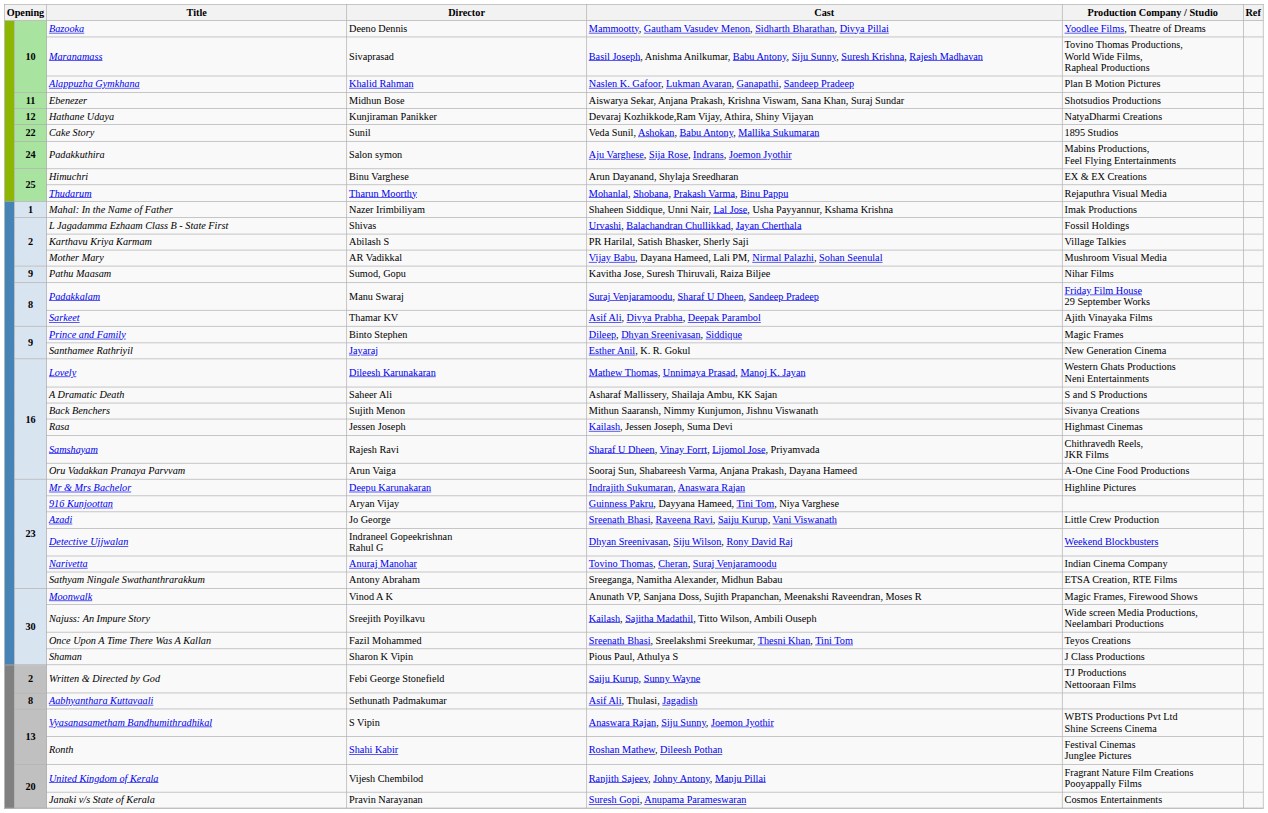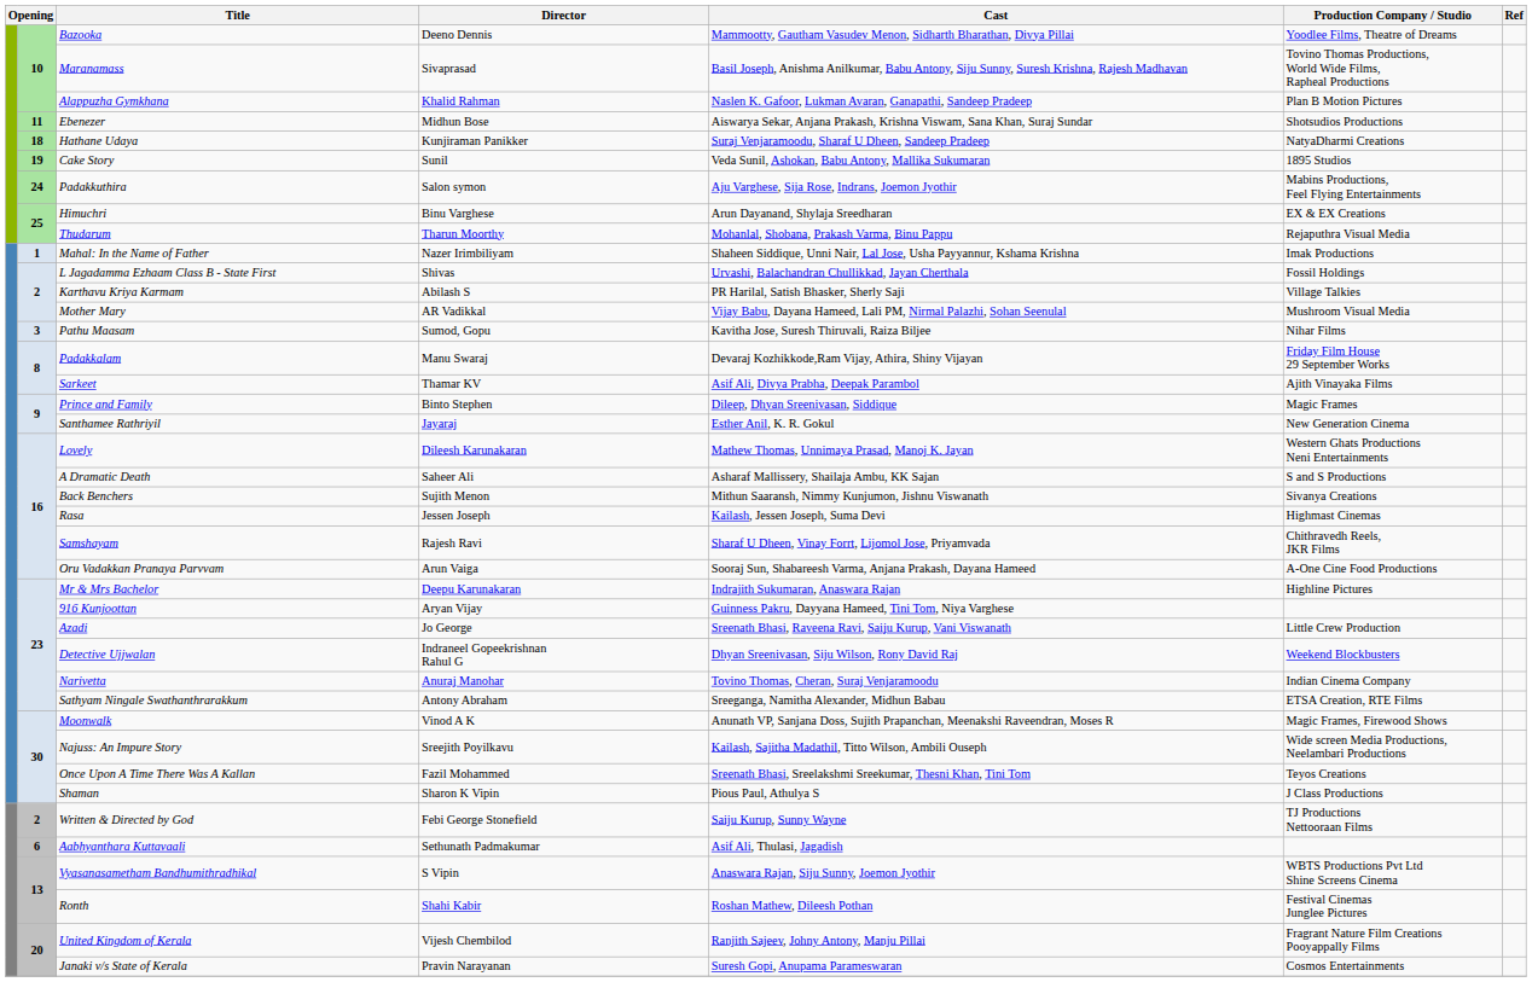 <table class="wikitable sortable">
 <tr>
 <th colspan="2" class="unsortable">Opening</th>
 <th style="width:25%;">Title</th>
 <th style="width:20%;">Director</th>
 <th style="width:40%;">Cast</th>
 <th style="width:25%;">Production Company / Studio</th>
 <th style="width:15%;">Ref</th>
 </tr>
 <tr>
 <td rowspan="9" style="text-align:center; background:#8DB600; textcolor:#000;"><strong></strong></td>
 <td rowspan="3" style="text-align:center; background:#A8E4A0;"><strong>10</strong></td>
 <td><em><a href='#'>Bazooka</a></em></td>
 <td>Deeno Dennis</td>
 <td><a href='#'>Mammootty</a>, <a href='#'>Gautham Vasudev Menon</a>, <a href='#'>Sidharth Bharathan</a>, <a href='#'>Divya Pillai</a></td>
 <td><a href='#'>Yoodlee Films</a>, Theatre of Dreams</td>
 <td></td>
 </tr>
 <tr>
 <td><em><a href='#'>Maranamass</a></em></td>
 <td>Sivaprasad</td>
 <td><a href='#'>Basil Joseph</a>, Anishma Anilkumar, <a href='#'>Babu Antony</a>, <a href='#'>Siju Sunny</a>, <a href='#'>Suresh Krishna</a>, <a href='#'>Rajesh Madhavan</a></td>
 <td>Tovino Thomas Productions,<br>World Wide Films, <br> Rapheal Productions</td>
 <td></td>
 </tr>
 <tr>
 <td><em><a href='#'>Alappuzha Gymkhana</a></em></td>
 <td><a href='#'>Khalid Rahman</a></td>
 <td><a href='#'>Naslen K. Gafoor</a>, <a href='#'>Lukman Avaran</a>, <a href='#'>Ganapathi</a>, <a href='#'>Sandeep Pradeep</a></td>
 <td>Plan B Motion Pictures</td>
 <td></td>
 </tr>
 <tr>
 <td rowspan="1" style="text-align:center; background:#A8E4A0;"><strong>11</strong></td>
 <td><em>Ebenezer</em></td>
 <td>Midhun Bose</td>
 <td>Aiswarya Sekar, Anjana Prakash, Krishna Viswam, Sana Khan, Suraj Sundar</td>
 <td>Shotsudios Productions</td>
 <td></td>
 </tr>
 <tr>
-<td style="text-align:center; background:#A8E4A0;"><strong>12</strong></td>
+<td style="text-align:center; background:#A8E4A0;"><strong>18</strong></td>
 <td><em>Hathane Udaya</em></td>
 <td>Kunjiraman Panikker</td>
-<td>Devaraj Kozhikkode,Ram Vijay, Athira, Shiny Vijayan</td>
+<td><a href='#'>Suraj Venjaramoodu</a>, <a href='#'>Sharaf U Dheen</a>, <a href='#'>Sandeep Pradeep</a></td>
 <td>NatyaDharmi Creations</td>
 <td></td>
 </tr>
 <tr>
-<td style="text-align:center; background:#A8E4A0;"><strong>22</strong></td>
+<td style="text-align:center; background:#A8E4A0;"><strong>19</strong></td>
 <td><em>Cake Story</em></td>
 <td>Sunil</td>
 <td>Veda Sunil, <a href='#'>Ashokan</a>, <a href='#'>Babu Antony</a>, <a href='#'>Mallika Sukumaran</a></td>
 <td>1895 Studios</td>
 <td></td>
 </tr>
 <tr>
 <td style="text-align:center; background:#A8E4A0;"><strong>24</strong></td>
 <td><em>Padakkuthira</em></td>
 <td>Salon symon</td>
 <td><a href='#'>Aju Varghese</a>, <a href='#'>Sija Rose</a>, <a href='#'>Indrans</a>, <a href='#'>Joemon Jyothir</a></td>
 <td>Mabins Productions,<br>Feel Flying Entertainments</td>
 <td></td>
 </tr>
 <tr>
 <td rowspan="2" style="text-align:center; background:#A8E4A0;"><strong>25</strong></td>
 <td><em>Himuchri</em></td>
 <td>Binu Varghese</td>
 <td>Arun Dayanand, Shylaja Sreedharan</td>
 <td>EX & EX Creations</td>
 <td></td>
 </tr>
 <tr>
 <td><em><a href='#'>Thudarum</a></em></td>
 <td><a href='#'>Tharun Moorthy</a></td>
 <td><a href='#'>Mohanlal</a>, <a href='#'>Shobana</a>, <a href='#'>Prakash Varma</a>, <a href='#'>Binu Pappu</a></td>
 <td>Rejaputhra Visual Media</td>
 <td></td>
 </tr>
 <tr>
 <td rowspan="25" style="text-align:center; background:#4683B7; textcolor:#000;"><strong></strong></td>
 <td rowspan="1" style="text-align:center;background:#d9e4f1;"><strong>1</strong></td>
 <td><em>Mahal: In the Name of Father</em></td>
 <td>Nazer Irimbiliyam</td>
 <td>Shaheen Siddique, Unni Nair, <a href='#'>Lal Jose</a>, Usha Payyannur, Kshama Krishna</td>
 <td>Imak Productions</td>
 <td></td>
 </tr>
 <tr>
 <td rowspan="3" style="text-align:center;background:#d9e4f1;"><strong>2</strong></td>
 <td><em>L Jagadamma Ezhaam Class B - State First</em></td>
 <td>Shivas</td>
 <td><a href='#'>Urvashi</a>, <a href='#'>Balachandran Chullikkad</a>, <a href='#'>Jayan Cherthala</a></td>
 <td>Fossil Holdings</td>
 <td></td>
 </tr>
 <tr>
 <td><em>Karthavu Kriya Karmam</em></td>
 <td>Abilash S</td>
 <td>PR Harilal, Satish Bhasker, Sherly Saji</td>
 <td>Village Talkies</td>
 <td></td>
 </tr>
 <tr>
 <td><em>Mother Mary</em></td>
 <td>AR Vadikkal</td>
 <td><a href='#'>Vijay Babu</a>, Dayana Hameed, Lali PM, <a href='#'>Nirmal Palazhi</a>, <a href='#'>Sohan Seenulal</a></td>
 <td>Mushroom Visual Media</td>
 <td></td>
 </tr>
 <tr>
-<td rowspan="1" style="text-align:center;background:#d9e4f1;"><strong>9</strong></td>
+<td rowspan="1" style="text-align:center;background:#d9e4f1;"><strong>3</strong></td>
 <td><em>Pathu Maasam</em></td>
 <td>Sumod, Gopu</td>
 <td>Kavitha Jose, Suresh Thiruvali, Raiza Biljee</td>
 <td>Nihar Films</td>
 <td></td>
 </tr>
 <tr>
 <td rowspan="2" style="text-align:center;background:#d9e4f1;"><strong>8</strong></td>
 <td><em><a href='#'>Padakkalam</a></em></td>
 <td>Manu Swaraj</td>
-<td><a href='#'>Suraj Venjaramoodu</a>, <a href='#'>Sharaf U Dheen</a>, <a href='#'>Sandeep Pradeep</a></td>
+<td>Devaraj Kozhikkode,Ram Vijay, Athira, Shiny Vijayan</td>
 <td><a href='#'>Friday Film House</a> <br> 29 September Works</td>
 <td></td>
 </tr>
 <tr>
 <td><em><a href='#'>Sarkeet</a></em></td>
 <td>Thamar KV</td>
 <td><a href='#'>Asif Ali</a>, <a href='#'>Divya Prabha</a>, <a href='#'>Deepak Parambol</a></td>
 <td>Ajith Vinayaka Films</td>
 <td></td>
 </tr>
 <tr>
 <td rowspan="2" style="text-align:center;background:#d9e4f1;"><strong>9</strong></td>
 <td><em><a href='#'>Prince and Family</a></em></td>
 <td>Binto Stephen</td>
 <td><a href='#'>Dileep</a>, <a href='#'>Dhyan Sreenivasan</a>, <a href='#'>Siddique</a></td>
 <td>Magic Frames</td>
 <td></td>
 </tr>
 <tr>
 <td><em>Santhamee Rathriyil</em></td>
 <td><a href='#'>Jayaraj</a></td>
 <td><a href='#'>Esther Anil</a>, K. R. Gokul</td>
 <td>New Generation Cinema</td>
 <td></td>
 </tr>
 <tr>
 <td rowspan="6" style="text-align:center;background:#d9e4f1;"><strong>16</strong></td>
 <td><em><a href='#'>Lovely</a></em></td>
 <td><a href='#'>Dileesh Karunakaran</a></td>
 <td><a href='#'>Mathew Thomas</a>, <a href='#'>Unnimaya Prasad</a>, <a href='#'>Manoj K. Jayan</a></td>
 <td>Western Ghats Productions <br> Neni Entertainments</td>
 <td></td>
 </tr>
 <tr>
 <td><em>A Dramatic Death</em></td>
 <td>Saheer Ali</td>
 <td>Asharaf Mallissery, Shailaja Ambu, KK Sajan</td>
 <td>S and S Productions</td>
 <td></td>
 </tr>
 <tr>
 <td><em>Back Benchers</em></td>
 <td>Sujith Menon</td>
 <td>Mithun Saaransh, Nimmy Kunjumon, Jishnu Viswanath</td>
 <td>Sivanya Creations</td>
 <td></td>
 </tr>
 <tr>
 <td><em>Rasa</em></td>
 <td>Jessen Joseph</td>
 <td><a href='#'>Kailash</a>, Jessen Joseph, Suma Devi</td>
 <td>Highmast Cinemas</td>
 <td></td>
 </tr>
 <tr>
 <td><em><a href='#'>Samshayam</a></em></td>
 <td>Rajesh Ravi</td>
 <td><a href='#'>Sharaf U Dheen</a>, <a href='#'>Vinay Forrt</a>, <a href='#'>Lijomol Jose</a>, Priyamvada</td>
 <td>Chithravedh Reels,<br>JKR Films</td>
 <td></td>
 </tr>
 <tr>
 <td><em>Oru Vadakkan Pranaya Parvvam</em></td>
 <td>Arun Vaiga</td>
 <td>Sooraj Sun, Shabareesh Varma, Anjana Prakash, Dayana Hameed</td>
 <td>A-One Cine Food Productions</td>
 <td></td>
 </tr>
 <tr>
 <td rowspan="6" style="text-align: center;background:#d9e4f1;"><strong>23</strong></td>
 <td><em><a href='#'>Mr & Mrs Bachelor</a></em></td>
 <td><a href='#'>Deepu Karunakaran</a></td>
 <td><a href='#'>Indrajith Sukumaran</a>, <a href='#'>Anaswara Rajan</a></td>
 <td>Highline Pictures</td>
 <td></td>
 </tr>
 <tr>
 <td><em><a href='#'>916 Kunjoottan</a></em></td>
 <td>Aryan Vijay</td>
 <td><a href='#'>Guinness Pakru</a>, Dayyana Hameed, <a href='#'>Tini Tom</a>, Niya Varghese</td>
 <td></td>
 <td></td>
 </tr>
 <tr>
 <td><em><a href='#'>Azadi</a></em></td>
 <td>Jo George</td>
 <td><a href='#'>Sreenath Bhasi</a>, <a href='#'>Raveena Ravi</a>, <a href='#'>Saiju Kurup</a>, <a href='#'>Vani Viswanath</a></td>
 <td>Little Crew Production</td>
 <td></td>
 </tr>
 <tr>
 <td><em><a href='#'>Detective Ujjwalan</a></em></td>
 <td>Indraneel Gopeekrishnan <br>Rahul G</td>
 <td><a href='#'>Dhyan Sreenivasan</a>, <a href='#'>Siju Wilson</a>, <a href='#'>Rony David Raj</a></td>
 <td><a href='#'>Weekend Blockbusters</a></td>
 <td></td>
 </tr>
 <tr>
 <td><em><a href='#'>Narivetta</a></em></td>
 <td><a href='#'>Anuraj Manohar</a></td>
 <td><a href='#'>Tovino Thomas</a>, <a href='#'>Cheran</a>, <a href='#'>Suraj Venjaramoodu</a></td>
 <td>Indian Cinema Company</td>
 <td></td>
 </tr>
 <tr>
 <td><em>Sathyam Ningale Swathanthrarakkum</em></td>
 <td>Antony Abraham</td>
 <td>Sreeganga, Namitha Alexander, Midhun Babau</td>
 <td>ETSA Creation, RTE Films</td>
 <td></td>
 </tr>
 <tr>
 <td rowspan="4" style="text-align: center;background:#d9e4f1;"><strong>30</strong></td>
 <td><em><a href='#'>Moonwalk</a></em></td>
 <td>Vinod A K</td>
 <td>Anunath VP, Sanjana Doss, Sujith Prapanchan, Meenakshi Raveendran, Moses R</td>
 <td>Magic Frames, Firewood Shows</td>
 <td></td>
 </tr>
 <tr>
 <td><em>Najuss: An Impure Story</em></td>
 <td>Sreejith Poyilkavu</td>
 <td><a href='#'>Kailash</a>, <a href='#'>Sajitha Madathil</a>, Titto Wilson, Ambili Ouseph</td>
 <td>Wide screen Media Productions, Neelambari Productions</td>
 <td></td>
 </tr>
 <tr>
 <td><em>Once Upon A Time There Was A Kallan</em></td>
 <td>Fazil Mohammed</td>
 <td><a href='#'>Sreenath Bhasi</a>, Sreelakshmi Sreekumar, <a href='#'>Thesni Khan</a>, <a href='#'>Tini Tom</a></td>
 <td>Teyos Creations</td>
 <td></td>
 </tr>
 <tr>
 <td><em>Shaman</em></td>
 <td>Sharon K Vipin</td>
 <td>Pious Paul, Athulya S</td>
 <td>J Class Productions</td>
 <td></td>
 </tr>
 <tr>
 <td rowspan="6" style="text-align:center; background:#808080; textcolor:#000;"><strong></strong></td>
 <td rowspan="1" style="text-align:center;background:#C0C0C0;"><strong>2</strong></td>
 <td><em>Written & Directed by God</em></td>
 <td>Febi George Stonefield</td>
 <td><a href='#'>Saiju Kurup</a>, <a href='#'>Sunny Wayne</a></td>
 <td>TJ Productions <br> Nettooraan Films</td>
 <td></td>
 </tr>
 <tr>
-<td rowspan="1" style="text-align:center;background:#C0C0C0;"><strong>8</strong></td>
+<td rowspan="1" style="text-align:center;background:#C0C0C0;"><strong>6</strong></td>
 <td><em><a href='#'>Aabhyanthara Kuttavaali</a></em></td>
 <td>Sethunath Padmakumar</td>
 <td><a href='#'>Asif Ali</a>, Thulasi, <a href='#'>Jagadish</a></td>
 <td></td>
 <td></td>
 </tr>
 <tr>
 <td rowspan="2" style="text-align:center;background:#C0C0C0;"><strong>13</strong></td>
 <td><em><a href='#'>Vyasanasametham Bandhumithradhikal</a></em></td>
 <td>S Vipin</td>
 <td><a href='#'>Anaswara Rajan</a>, <a href='#'>Siju Sunny</a>, <a href='#'>Joemon Jyothir</a></td>
 <td>WBTS Productions Pvt Ltd <br> Shine Screens Cinema</td>
 <td></td>
 </tr>
 <tr>
 <td><em>Ronth</em></td>
 <td><a href='#'>Shahi Kabir</a></td>
 <td><a href='#'>Roshan Mathew</a>, <a href='#'>Dileesh Pothan</a></td>
 <td>Festival Cinemas<br>Junglee Pictures</td>
 <td></td>
 </tr>
 <tr>
 <td rowspan="2" style="text-align:center;background:#C0C0C0;"><strong>20</strong></td>
 <td><em><a href='#'>United Kingdom of Kerala</a></em></td>
 <td>Vijesh Chembilod</td>
 <td><a href='#'>Ranjith Sajeev</a>, <a href='#'>Johny Antony</a>, <a href='#'>Manju Pillai</a></td>
 <td>Fragrant Nature Film Creations <br> Pooyappally Films</td>
 <td></td>
 </tr>
 <tr>
 <td><em>Janaki v/s State of Kerala</em></td>
 <td>Pravin Narayanan</td>
 <td><a href='#'>Suresh Gopi</a>, <a href='#'>Anupama Parameswaran</a></td>
 <td>Cosmos Entertainments</td>
 <td></td>
 </tr>
 <tr>
 </tr>
 </table>
